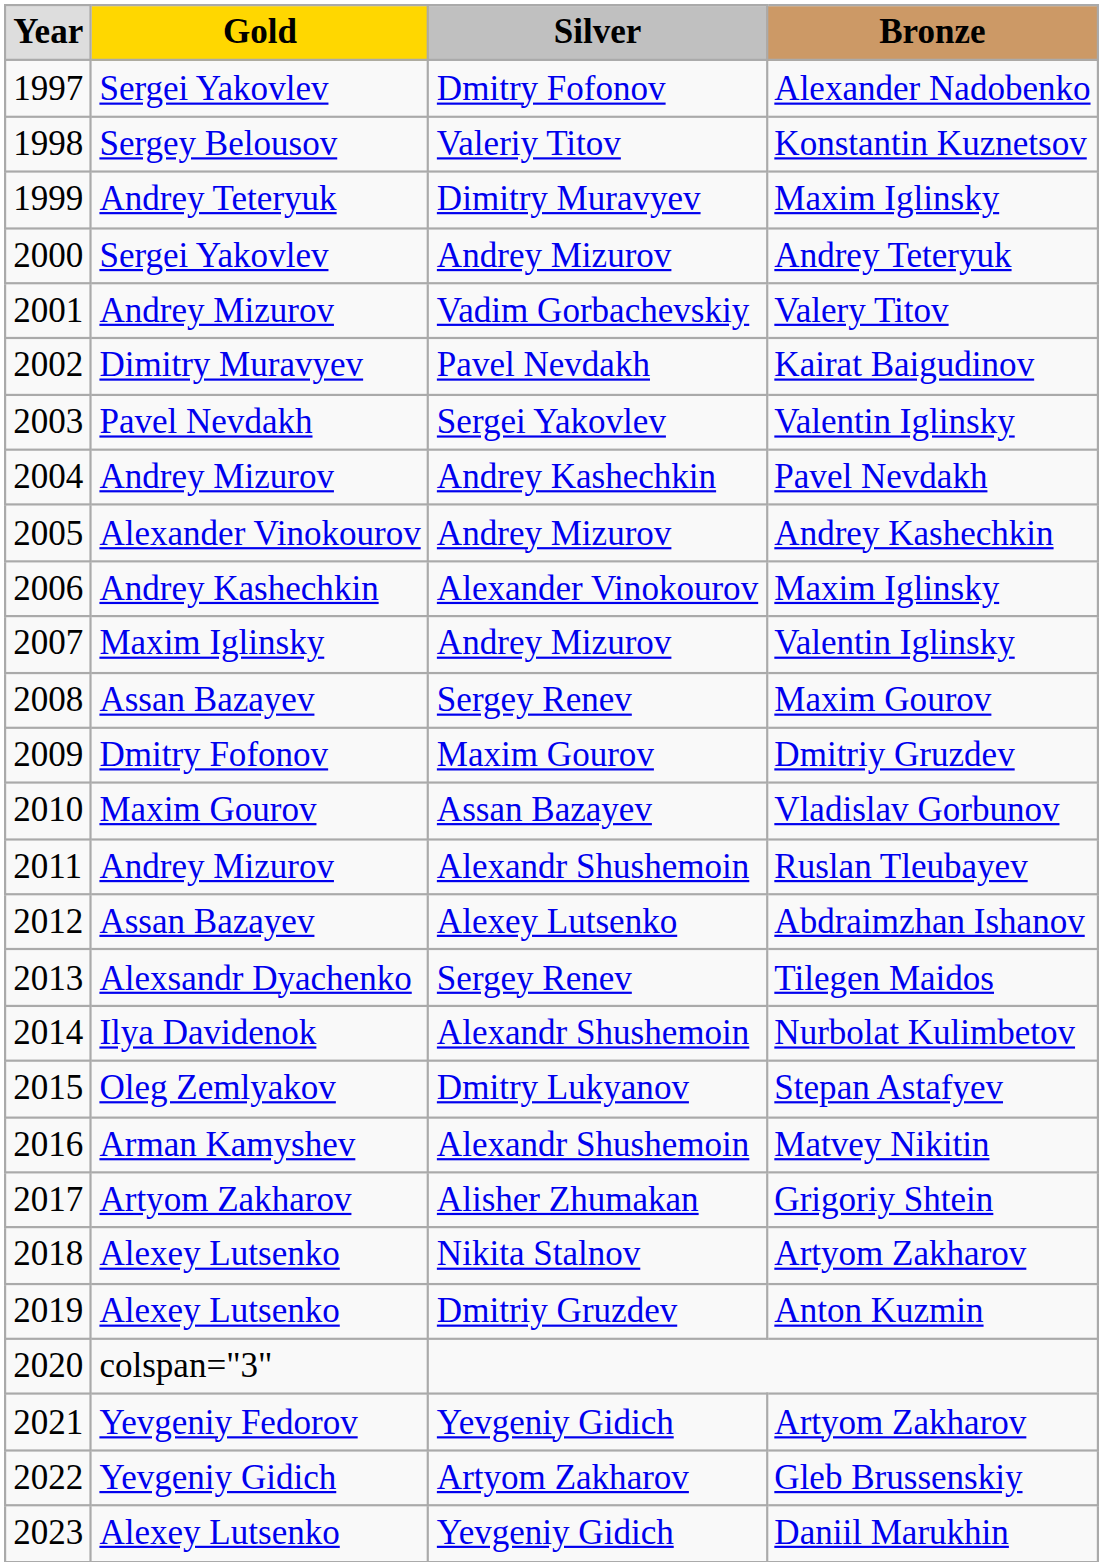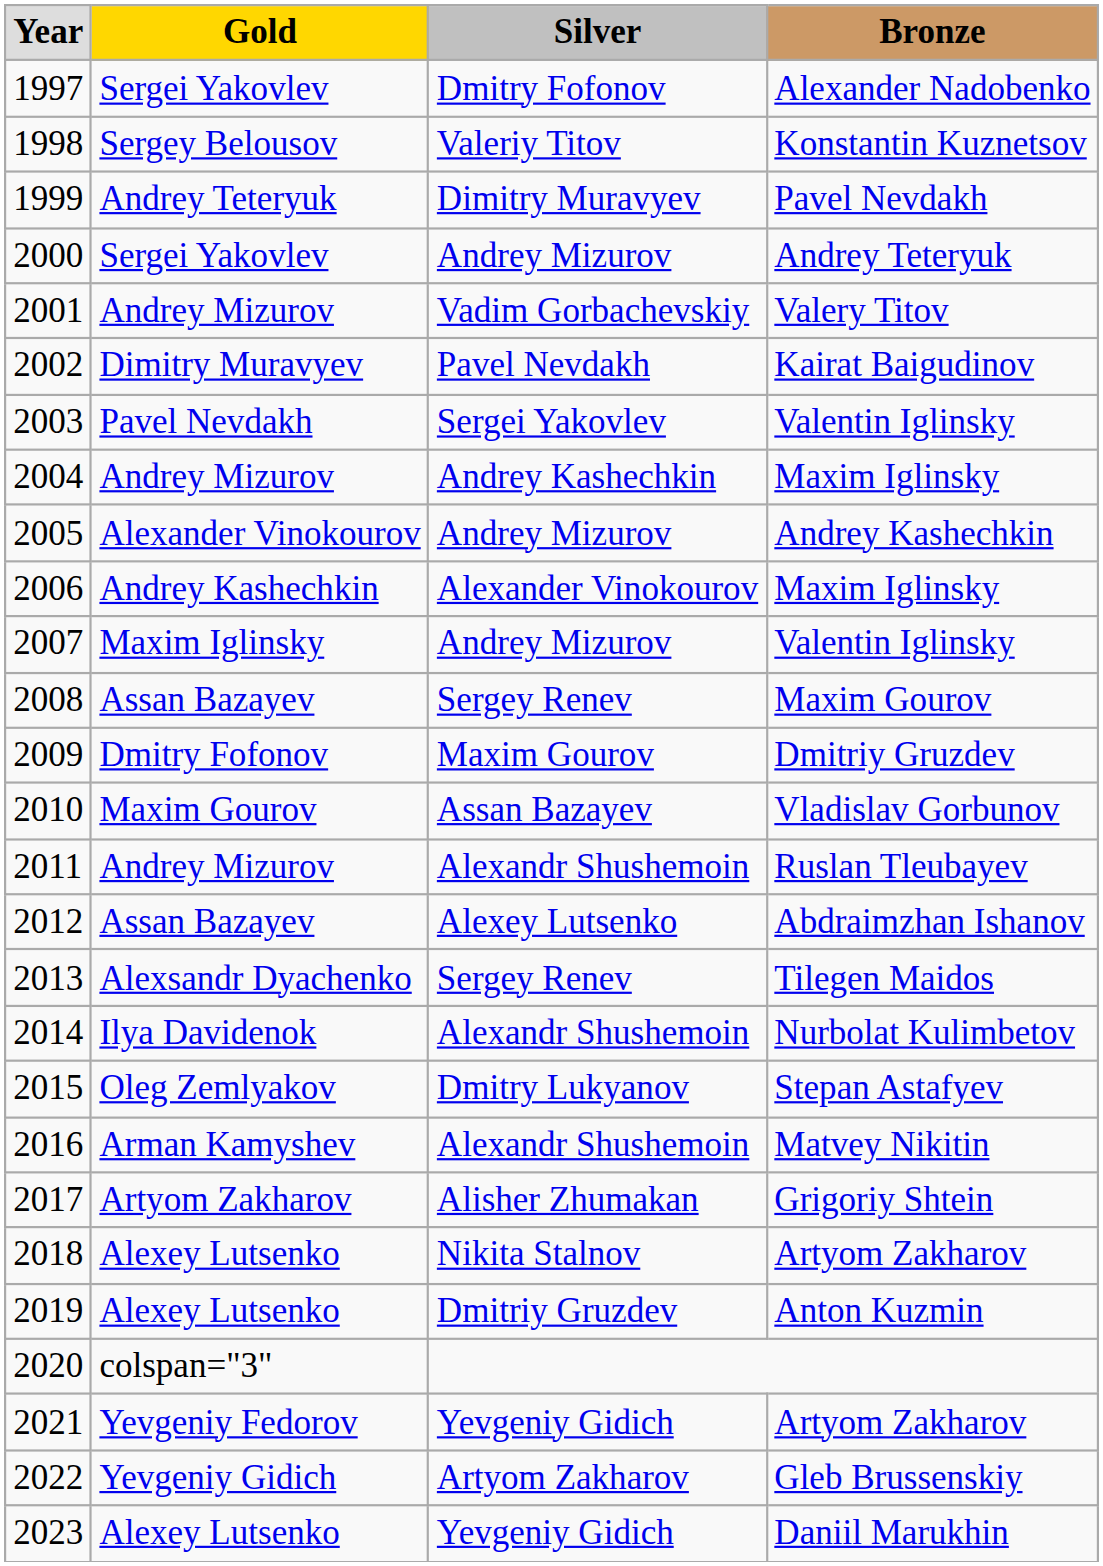 <table class="wikitable" style="text-align:left;">
 <tr>
 <td style="background:#DDDDDD; font-weight:bold; text-align:center;">Year</td>
 <td style="background:gold; font-weight:bold; text-align:center;">Gold</td>
 <td style="background:silver; font-weight:bold; text-align:center;">Silver</td>
 <td style="background:#cc9966; font-weight:bold; text-align:center;">Bronze</td>
 </tr>
 <tr>
 <td>1997</td>
 <td><a href='#'>Sergei Yakovlev</a></td>
 <td><a href='#'>Dmitry Fofonov</a></td>
 <td><a href='#'>Alexander Nadobenko</a></td>
 </tr>
 <tr>
 <td>1998</td>
 <td><a href='#'>Sergey Belousov</a></td>
 <td><a href='#'>Valeriy Titov</a></td>
 <td><a href='#'>Konstantin Kuznetsov</a></td>
 </tr>
 <tr>
 <td>1999</td>
 <td><a href='#'>Andrey Teteryuk</a></td>
 <td><a href='#'>Dimitry Muravyev</a></td>
-<td><a href='#'>Maxim Iglinsky</a></td>
+<td><a href='#'>Pavel Nevdakh</a></td>
 </tr>
 <tr>
 <td>2000</td>
 <td><a href='#'>Sergei Yakovlev</a></td>
 <td><a href='#'>Andrey Mizurov</a></td>
 <td><a href='#'>Andrey Teteryuk</a></td>
 </tr>
 <tr>
 <td>2001</td>
 <td><a href='#'>Andrey Mizurov</a></td>
 <td><a href='#'>Vadim Gorbachevskiy</a></td>
 <td><a href='#'>Valery Titov</a></td>
 </tr>
 <tr>
 <td>2002</td>
 <td><a href='#'>Dimitry Muravyev</a></td>
 <td><a href='#'>Pavel Nevdakh</a></td>
 <td><a href='#'>Kairat Baigudinov</a></td>
 </tr>
 <tr>
 <td>2003</td>
 <td><a href='#'>Pavel Nevdakh</a></td>
 <td><a href='#'>Sergei Yakovlev</a></td>
 <td><a href='#'>Valentin Iglinsky</a></td>
 </tr>
 <tr>
 <td>2004</td>
 <td><a href='#'>Andrey Mizurov</a></td>
 <td><a href='#'>Andrey Kashechkin</a></td>
-<td><a href='#'>Pavel Nevdakh</a></td>
+<td><a href='#'>Maxim Iglinsky</a></td>
 </tr>
 <tr>
 <td>2005</td>
 <td><a href='#'>Alexander Vinokourov</a></td>
 <td><a href='#'>Andrey Mizurov</a></td>
 <td><a href='#'>Andrey Kashechkin</a></td>
 </tr>
 <tr>
 <td>2006</td>
 <td><a href='#'>Andrey Kashechkin</a></td>
 <td><a href='#'>Alexander Vinokourov</a></td>
 <td><a href='#'>Maxim Iglinsky</a></td>
 </tr>
 <tr>
 <td>2007</td>
 <td><a href='#'>Maxim Iglinsky</a></td>
 <td><a href='#'>Andrey Mizurov</a></td>
 <td><a href='#'>Valentin Iglinsky</a></td>
 </tr>
 <tr>
 <td>2008</td>
 <td><a href='#'>Assan Bazayev</a></td>
 <td><a href='#'>Sergey Renev</a></td>
 <td><a href='#'>Maxim Gourov</a></td>
 </tr>
 <tr>
 <td>2009</td>
 <td><a href='#'>Dmitry Fofonov</a></td>
 <td><a href='#'>Maxim Gourov</a></td>
 <td><a href='#'>Dmitriy Gruzdev</a></td>
 </tr>
 <tr>
 <td>2010</td>
 <td><a href='#'>Maxim Gourov</a></td>
 <td><a href='#'>Assan Bazayev</a></td>
 <td><a href='#'>Vladislav Gorbunov</a></td>
 </tr>
 <tr>
 <td>2011</td>
 <td><a href='#'>Andrey Mizurov</a></td>
 <td><a href='#'>Alexandr Shushemoin</a></td>
 <td><a href='#'>Ruslan Tleubayev</a></td>
 </tr>
 <tr>
 <td>2012</td>
 <td><a href='#'>Assan Bazayev</a></td>
 <td><a href='#'>Alexey Lutsenko</a></td>
 <td><a href='#'>Abdraimzhan Ishanov</a></td>
 </tr>
 <tr>
 <td>2013</td>
 <td><a href='#'>Alexsandr Dyachenko</a></td>
 <td><a href='#'>Sergey Renev</a></td>
 <td><a href='#'>Tilegen Maidos</a></td>
 </tr>
 <tr>
 <td>2014</td>
 <td><a href='#'>Ilya Davidenok</a></td>
 <td><a href='#'>Alexandr Shushemoin</a></td>
 <td><a href='#'>Nurbolat Kulimbetov</a></td>
 </tr>
 <tr>
 <td>2015</td>
 <td><a href='#'>Oleg Zemlyakov</a></td>
 <td><a href='#'>Dmitry Lukyanov</a></td>
 <td><a href='#'>Stepan Astafyev</a></td>
 </tr>
 <tr>
 <td>2016</td>
 <td><a href='#'>Arman Kamyshev</a></td>
 <td><a href='#'>Alexandr Shushemoin</a></td>
 <td><a href='#'>Matvey Nikitin</a></td>
 </tr>
 <tr>
 <td>2017</td>
 <td><a href='#'>Artyom Zakharov</a></td>
 <td><a href='#'>Alisher Zhumakan</a></td>
 <td><a href='#'>Grigoriy Shtein</a></td>
 </tr>
 <tr>
 <td>2018</td>
 <td><a href='#'>Alexey Lutsenko</a></td>
 <td><a href='#'>Nikita Stalnov</a></td>
 <td><a href='#'>Artyom Zakharov</a></td>
 </tr>
 <tr>
 <td>2019</td>
 <td><a href='#'>Alexey Lutsenko</a></td>
 <td><a href='#'>Dmitriy Gruzdev</a></td>
 <td><a href='#'>Anton Kuzmin</a></td>
 </tr>
 <tr>
 <td>2020</td>
 <td>colspan="3" </td>
 </tr>
 <tr>
 <td>2021</td>
 <td><a href='#'>Yevgeniy Fedorov</a></td>
 <td><a href='#'>Yevgeniy Gidich</a></td>
 <td><a href='#'>Artyom Zakharov</a></td>
 </tr>
 <tr>
 <td>2022</td>
 <td><a href='#'>Yevgeniy Gidich</a></td>
 <td><a href='#'>Artyom Zakharov</a></td>
 <td><a href='#'>Gleb Brussenskiy</a></td>
 </tr>
 <tr>
 <td>2023</td>
 <td><a href='#'>Alexey Lutsenko</a></td>
 <td><a href='#'>Yevgeniy Gidich</a></td>
 <td><a href='#'>Daniil Marukhin</a></td>
 </tr>
 <tr>
 </tr>
 </table>
